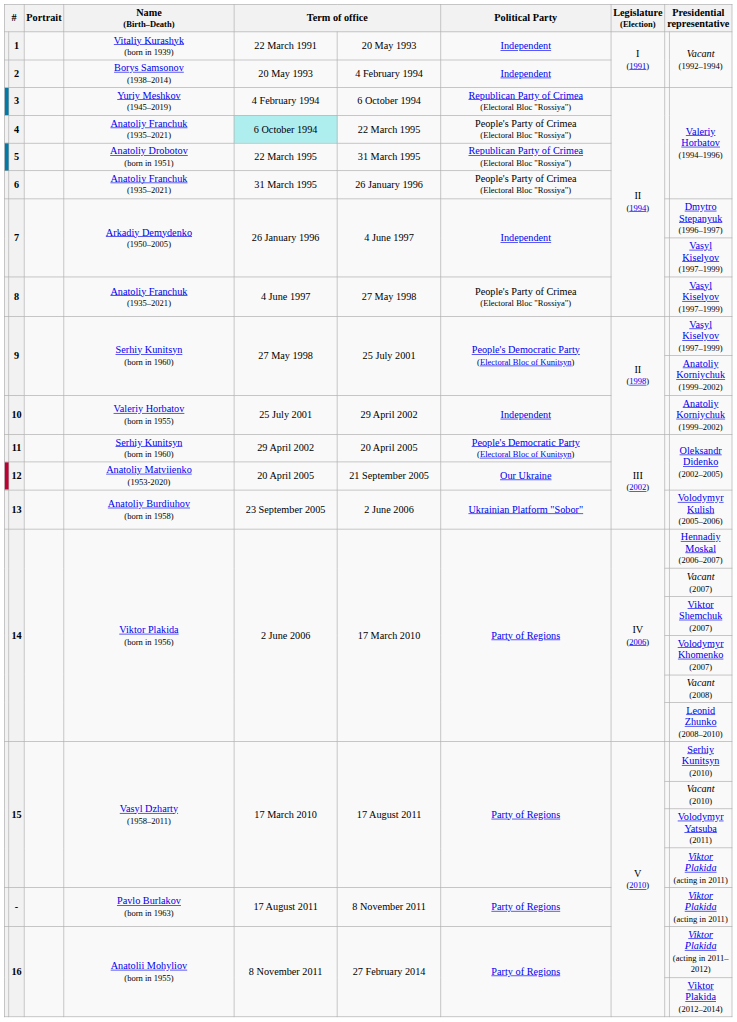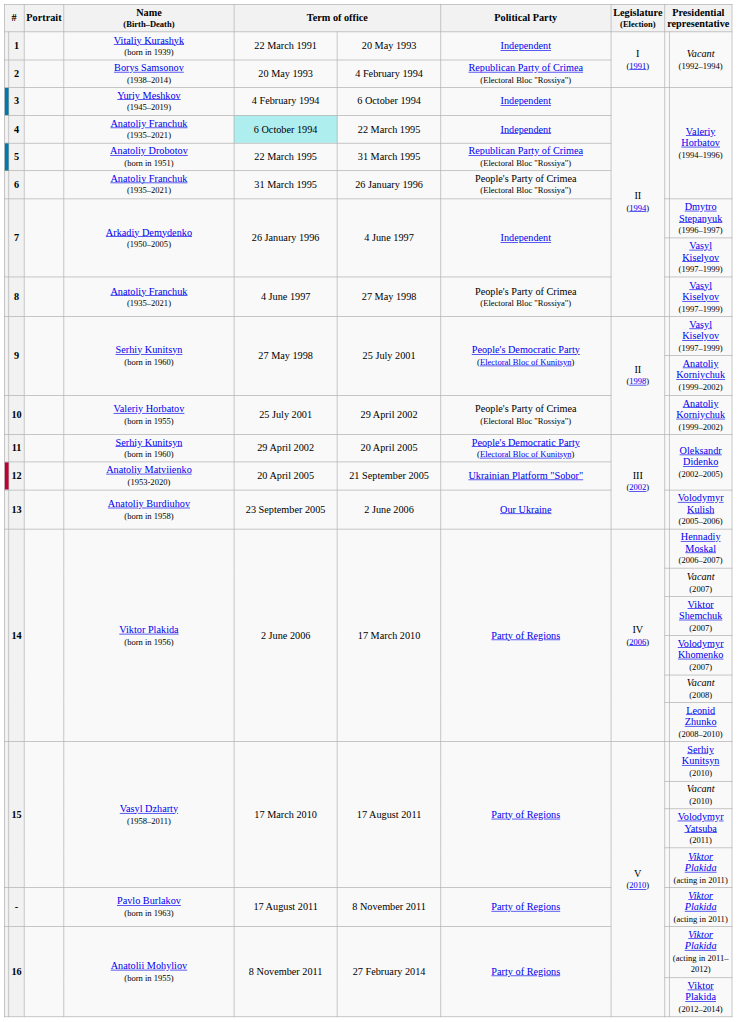 <table class="wikitable" style="width:90%; text-align:center;">
 <tr>
 <th colspan="2" width=30>#</th>
 <th width=70>Portrait</th>
 <th width=25%>Name<br><small>(Birth–Death)</small></th>
 <th colspan="2" width=30%>Term of office</th>
 <th width=25%>Political Party</th>
 <th width=7%>Legislature<br><small>(Election)</small></th>
 <th colspan="2">Presidential representative</th>
 </tr>
 <tr>
 <th style="background:"></th>
 <th>1</th>
 <td></td>
 <td><a href='#'>Vitaliy Kurashyk</a><br><small>(born in 1939)</small></td>
 <td>22 March 1991</td>
 <td>20 May 1993</td>
 <td><a href='#'>Independent</a></td>
 <td rowspan=2>I<br><small>(<a href='#'>1991</a>)</small></td>
 <td rowspan=2 style="background: ;"></td>
 <td rowspan=2><em>Vacant</em><br><small>(1992–1994)</small></td>
 </tr>
 <tr>
 <th style="background:"></th>
 <th>2</th>
 <td></td>
 <td><a href='#'>Borys Samsonov</a><br><small>(1938–2014)</small></td>
 <td>20 May 1993</td>
 <td>4 February 1994</td>
-<td><a href='#'>Independent</a></td>
+<td><a href='#'>Republican Party of Crimea</a><br><small>(Electoral Bloc "Rossiya")</small></td>
 </tr>
 <tr>
 <th style="background:#007BA7;"></th>
 <th>3</th>
 <td></td>
 <td><a href='#'>Yuriy Meshkov</a><br><small>(1945–2019)</small></td>
 <td>4 February 1994</td>
 <td>6 October 1994</td>
-<td><a href='#'>Republican Party of Crimea</a><br><small>(Electoral Bloc "Rossiya")</small></td>
+<td><a href='#'>Independent</a></td>
 <td rowspan=7>II<br><small>(<a href='#'>1994</a>)</small></td>
 <td rowspan=4 style="background:"></td>
 <td rowspan=4><a href='#'>Valeriy Horbatov</a><br><small>(1994–1996)</small></td>
 </tr>
 <tr>
 <th style="background: ;"></th>
 <th>4</th>
 <td></td>
 <td><a href='#'>Anatoliy Franchuk</a><br><small>(1935–2021)</small></td>
 <td style="background: paleturquoise;">6 October 1994</td>
 <td>22 March 1995</td>
-<td>People's Party of Crimea<br><small>(Electoral Bloc "Rossiya")</small></td>
+<td><a href='#'>Independent</a></td>
 </tr>
 <tr>
 <th style="background:#007BA7;"></th>
 <th>5</th>
 <td></td>
 <td><a href='#'>Anatoliy Drobotov</a><br><small>(born in 1951)</small></td>
 <td>22 March 1995</td>
 <td>31 March 1995</td>
 <td><a href='#'>Republican Party of Crimea</a><br><small>(Electoral Bloc "Rossiya")</small></td>
 </tr>
 <tr>
 <th style="background: ;"></th>
 <th>6</th>
 <td></td>
 <td><a href='#'>Anatoliy Franchuk</a><br><small>(1935–2021)</small></td>
 <td>31 March 1995</td>
 <td>26 January 1996</td>
 <td>People's Party of Crimea<br><small>(Electoral Bloc "Rossiya")</small></td>
 </tr>
 <tr>
 <th rowspan=2 style="background:"></th>
 <th rowspan=2>7</th>
 <td rowspan=2></td>
 <td rowspan=2><a href='#'>Arkadiy Demydenko</a><br><small>(1950–2005)</small></td>
 <td rowspan=2>26 January 1996</td>
 <td rowspan=2>4 June 1997</td>
 <td rowspan=2><a href='#'>Independent</a></td>
 <td style="background:"></td>
 <td><a href='#'>Dmytro Stepanyuk</a><br><small>(1996–1997)</small></td>
 </tr>
 <tr>
 <td style="background: ;"></td>
 <td><a href='#'>Vasyl Kiselyov</a><br><small>(1997–1999)</small></td>
 </tr>
 <tr>
 <th style="background: ;"></th>
 <th>8</th>
 <td></td>
 <td><a href='#'>Anatoliy Franchuk</a><br><small>(1935–2021)</small></td>
 <td>4 June 1997</td>
 <td>27 May 1998</td>
 <td>People's Party of Crimea<br><small>(Electoral Bloc "Rossiya")</small></td>
 <td style="background: ;"></td>
 <td><a href='#'>Vasyl Kiselyov</a><br><small>(1997–1999)</small></td>
 </tr>
 <tr>
 <th rowspan=2 style="background:"></th>
 <th rowspan=2>9</th>
 <td rowspan=2></td>
 <td rowspan=2><a href='#'>Serhiy Kunitsyn</a><br><small>(born in 1960)</small></td>
 <td rowspan=2>27 May 1998</td>
 <td rowspan=2>25 July 2001</td>
 <td rowspan=2><a href='#'>People's Democratic Party</a><br><small>(<a href='#'>Electoral Bloc of Kunitsyn</a>)</small></td>
 <td rowspan=3>II<br><small>(<a href='#'>1998</a>)</small></td>
 <td style="background: ;"></td>
 <td><a href='#'>Vasyl Kiselyov</a><br><small>(1997–1999)</small></td>
 </tr>
 <tr>
 <td style="background:"></td>
 <td><a href='#'>Anatoliy Korniychuk</a><br><small>(1999–2002)</small></td>
 </tr>
 <tr>
 <th style="background:"></th>
 <th>10</th>
 <td></td>
 <td><a href='#'>Valeriy Horbatov</a><br><small>(born in 1955)</small></td>
 <td>25 July 2001</td>
 <td>29 April 2002</td>
-<td><a href='#'>Independent</a></td>
+<td>People's Party of Crimea<br><small>(Electoral Bloc "Rossiya")</small></td>
 <td style="background:"></td>
 <td><a href='#'>Anatoliy Korniychuk</a><br><small>(1999–2002)</small></td>
 </tr>
 <tr>
 <th style="background:"></th>
 <th>11</th>
 <td></td>
 <td><a href='#'>Serhiy Kunitsyn</a><br><small>(born in 1960)</small></td>
 <td>29 April 2002</td>
 <td>20 April 2005</td>
 <td><a href='#'>People's Democratic Party</a><br><small>(<a href='#'>Electoral Bloc of Kunitsyn</a>)</small></td>
 <td rowspan=3>III<br><small>(<a href='#'>2002</a>)</small></td>
 <td rowspan=2 style="background:"></td>
 <td rowspan=2><a href='#'>Oleksandr Didenko</a><br><small>(2002–2005)</small></td>
 </tr>
 <tr>
 <th style="background:#BE0032;"></th>
 <th>12</th>
 <td></td>
 <td><a href='#'>Anatoliy Matviienko</a><br><small>(1953-2020)</small></td>
 <td>20 April 2005</td>
 <td>21 September 2005</td>
-<td><a href='#'>Our Ukraine</a></td>
+<td><a href='#'>Ukrainian Platform "Sobor"</a></td>
 </tr>
 <tr>
 <th style="background:"></th>
 <th>13</th>
 <td></td>
 <td><a href='#'>Anatoliy Burdiuhov</a><br><small>(born in 1958)</small></td>
 <td>23 September 2005</td>
 <td>2 June 2006</td>
-<td><a href='#'>Ukrainian Platform "Sobor"</a></td>
+<td><a href='#'>Our Ukraine</a></td>
 <td style="background:"></td>
 <td><a href='#'>Volodymyr Kulish</a><br><small>(2005–2006)</small></td>
 </tr>
 <tr>
 <th rowspan=6 style="background:"></th>
 <th rowspan=6>14</th>
 <td rowspan=6></td>
 <td rowspan=6><a href='#'>Viktor Plakida</a><br><small>(born in 1956)</small></td>
 <td rowspan=6>2 June 2006</td>
 <td rowspan=6>17 March 2010</td>
 <td rowspan=6><a href='#'>Party of Regions</a></td>
 <td rowspan=6>IV<br><small>(<a href='#'>2006</a>)</small></td>
 <td style="background:"></td>
 <td><a href='#'>Hennadiy Moskal</a><br><small>(2006–2007)</small></td>
 </tr>
 <tr>
 <td style="background: ;"></td>
 <td><em>Vacant</em><br><small>(2007)</small></td>
 </tr>
 <tr>
 <td style="background:"></td>
 <td><a href='#'>Viktor Shemchuk</a><br><small>(2007)</small></td>
 </tr>
 <tr>
 <td style="background:"></td>
 <td><a href='#'>Volodymyr Khomenko</a><br><small>(2007)</small></td>
 </tr>
 <tr>
 <td style="background: ;"></td>
 <td><em>Vacant</em><br><small>(2008)</small></td>
 </tr>
 <tr>
 <td style="background:"></td>
 <td><a href='#'>Leonid Zhunko</a><br><small>(2008–2010)</small></td>
 </tr>
 <tr>
 <th rowspan=4 style="background:"></th>
 <th rowspan=4>15</th>
 <td rowspan=4></td>
 <td rowspan=4><a href='#'>Vasyl Dzharty</a><br><small>(1958–2011)</small></td>
 <td rowspan=4>17 March 2010</td>
 <td rowspan=4>17 August 2011</td>
 <td rowspan=4><a href='#'>Party of Regions</a></td>
 <td rowspan=9>V<br><small>(<a href='#'>2010</a>)</small></td>
 <td style="background: ;"></td>
 <td><a href='#'>Serhiy Kunitsyn</a><br><small>(2010)</small></td>
 </tr>
 <tr>
 <td style="background: ;"></td>
 <td><em>Vacant</em><br><small>(2010)</small></td>
 </tr>
 <tr>
 <td style="background:"></td>
 <td><a href='#'>Volodymyr Yatsuba</a><br><small>(2011)</small></td>
 </tr>
 <tr>
 <td style="background:"></td>
 <td><em><a href='#'>Viktor Plakida</a></em><br><small>(acting in 2011)</small></td>
 </tr>
 <tr>
 <th style="background:"></th>
 <th>-</th>
 <td></td>
 <td><a href='#'>Pavlo Burlakov</a><br><small>(born in 1963)</small></td>
 <td>17 August 2011</td>
 <td>8 November 2011</td>
 <td><a href='#'>Party of Regions</a></td>
 <td style="background:"></td>
 <td><em><a href='#'>Viktor Plakida</a></em><br><small>(acting in 2011)</small></td>
 </tr>
 <tr>
 <th rowspan=2 style="background:"></th>
 <th rowspan=2>16</th>
 <td rowspan=2></td>
 <td rowspan=2><a href='#'>Anatolii Mohyliov</a><br><small>(born in 1955)</small></td>
 <td rowspan=2>8 November 2011</td>
 <td rowspan=2>27 February 2014</td>
 <td rowspan=2><a href='#'>Party of Regions</a></td>
 <td style="background:"></td>
 <td><em><a href='#'>Viktor Plakida</a></em><br><small>(acting in 2011–2012)</small></td>
 </tr>
 <tr>
 <td style="background:"></td>
 <td><a href='#'>Viktor Plakida</a><br><small>(2012–2014)</small></td>
 </tr>
 </table>
